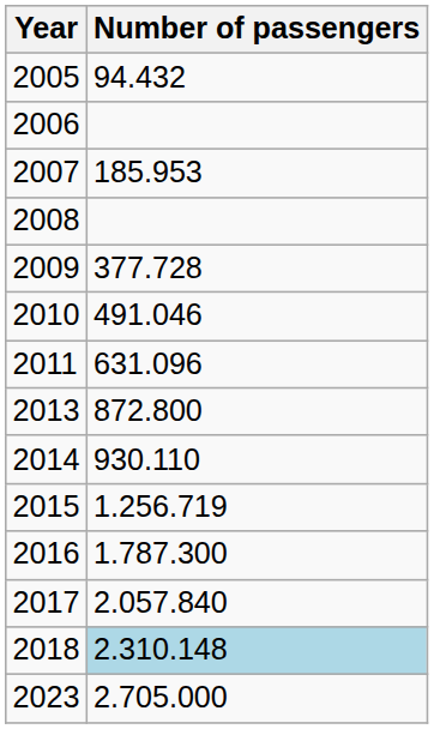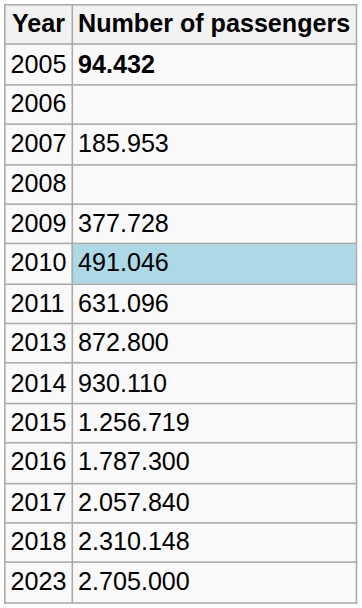 <table class="wikitable sortable">
 <tr>
 <th>Year</th>
 <th>Number of passengers</th>
 </tr>
 <tr>
 <td>2005</td>
-<td>94.432</td>
+<td><strong>94.432</strong></td>
 </tr>
 <tr>
 <td>2006</td>
 <td></td>
 </tr>
 <tr>
 <td>2007</td>
 <td>185.953</td>
 </tr>
 <tr>
 <td>2008</td>
 <td></td>
 </tr>
 <tr>
 <td>2009</td>
 <td>377.728</td>
 </tr>
 <tr>
 <td>2010</td>
-<td>491.046</td>
+<td style="background: lightblue;">491.046</td>
 </tr>
 <tr>
 <td>2011</td>
 <td>631.096</td>
 </tr>
 <tr>
 <td>2013</td>
 <td>872.800</td>
 </tr>
 <tr>
 <td>2014</td>
 <td>930.110</td>
 </tr>
 <tr>
 <td>2015</td>
 <td>1.256.719</td>
 </tr>
 <tr>
 <td>2016</td>
 <td>1.787.300</td>
 </tr>
 <tr>
 <td>2017</td>
 <td>2.057.840</td>
 </tr>
 <tr>
 <td>2018</td>
-<td style="background: lightblue;">2.310.148</td>
+<td>2.310.148</td>
 </tr>
 <tr>
 <td>2023</td>
 <td>2.705.000</td>
 </tr>
 </table>
